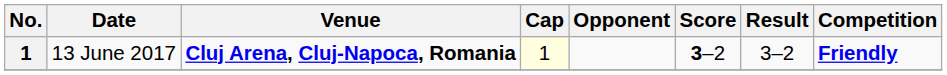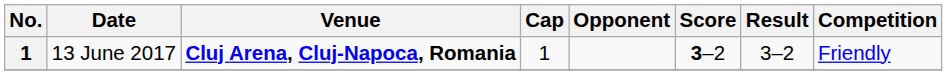 <table class="wikitable sortable">
 <tr>
 <th scope=col>No.</th>
 <th scope=col data-sort-type=date>Date</th>
 <th scope=col>Venue</th>
 <th scope=col>Cap</th>
 <th scope=col>Opponent</th>
 <th scope=col>Score</th>
 <th scope=col>Result</th>
 <th scope=col>Competition</th>
 </tr>
 <tr>
 <th scope=row>1</th>
 <td>13 June 2017</td>
 <td><strong><a href='#'>Cluj Arena</a>, <a href='#'>Cluj-Napoca</a>, Romania</strong></td>
-<td align=center style="background: lightyellow;">1</td>
+<td align=center>1</td>
 <td></td>
 <td align=center><strong>3</strong>–2</td>
 <td align=center>3–2</td>
-<td><strong><a href='#'>Friendly</a></strong></td>
+<td><a href='#'>Friendly</a></td>
 </tr>
 <tr>
 </tr>
 </table>
